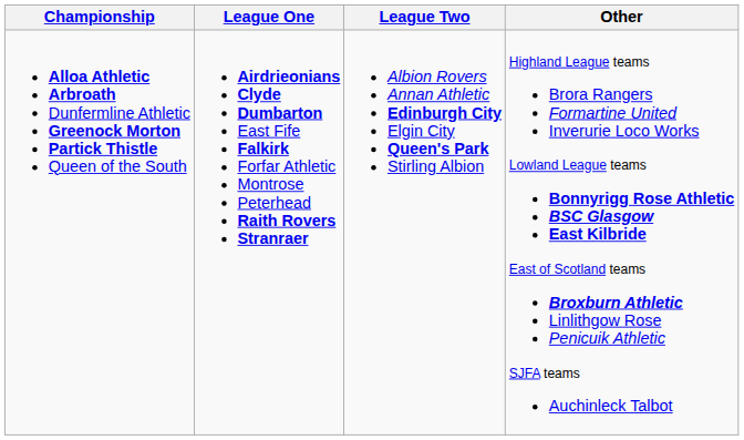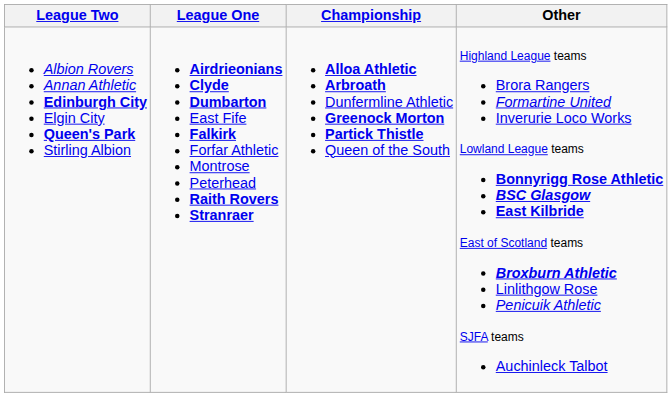 <table class="wikitable" style="text-align:left">
 <tr>
+<th><a href='#'>League Two</a></th>
+<th><a href='#'>League One</a></th>
 <th><a href='#'>Championship</a></th>
-<th><a href='#'>League One</a></th>
-<th><a href='#'>League Two</a></th>
 <th>Other</th>
 </tr>
 <tr>
+<td valign=top><br><ul><li><em><a href='#'>Albion Rovers</a></em></li><li><em><a href='#'>Annan Athletic</a></em></li><li><strong><a href='#'>Edinburgh City</a></strong></li><li><a href='#'>Elgin City</a></li><li><strong><a href='#'>Queen's Park</a></strong></li><li><a href='#'>Stirling Albion</a></li></ul></td>
+<td valign=top><br><ul><li><strong><a href='#'>Airdrieonians</a></strong></li><li><strong><a href='#'>Clyde</a></strong></li><li><strong><a href='#'>Dumbarton</a></strong></li><li><a href='#'>East Fife</a></li><li><strong><a href='#'>Falkirk</a></strong></li><li><a href='#'>Forfar Athletic</a></li><li><a href='#'>Montrose</a></li><li><a href='#'>Peterhead</a></li><li><strong><a href='#'>Raith Rovers</a></strong></li><li><strong><a href='#'>Stranraer</a></strong></li></ul></td>
 <td valign=top><br><ul><li><strong><a href='#'>Alloa Athletic</a></strong></li><li><strong><a href='#'>Arbroath</a></strong></li><li><a href='#'>Dunfermline Athletic</a></li><li><strong><a href='#'>Greenock Morton</a></strong></li><li><strong><a href='#'>Partick Thistle</a></strong></li><li><a href='#'>Queen of the South</a></li></ul></td>
-<td valign=top><br><ul><li><strong><a href='#'>Airdrieonians</a></strong></li><li><strong><a href='#'>Clyde</a></strong></li><li><strong><a href='#'>Dumbarton</a></strong></li><li><a href='#'>East Fife</a></li><li><strong><a href='#'>Falkirk</a></strong></li><li><a href='#'>Forfar Athletic</a></li><li><a href='#'>Montrose</a></li><li><a href='#'>Peterhead</a></li><li><strong><a href='#'>Raith Rovers</a></strong></li><li><strong><a href='#'>Stranraer</a></strong></li></ul></td>
-<td valign=top><br><ul><li><em><a href='#'>Albion Rovers</a></em></li><li><em><a href='#'>Annan Athletic</a></em></li><li><strong><a href='#'>Edinburgh City</a></strong></li><li><a href='#'>Elgin City</a></li><li><strong><a href='#'>Queen's Park</a></strong></li><li><a href='#'>Stirling Albion</a></li></ul></td>
 <td valign=top><br><small><a href='#'>Highland League</a> teams</small><ul><li><a href='#'>Brora Rangers</a></li><li><em><a href='#'>Formartine United</a></em></li><li><a href='#'>Inverurie Loco Works</a></li></ul><small><a href='#'>Lowland League</a> teams</small><ul><li><strong><a href='#'>Bonnyrigg Rose Athletic</a></strong></li><li><strong><em><a href='#'>BSC Glasgow</a></em></strong></li><li><strong><a href='#'>East Kilbride</a></strong></li></ul><small><a href='#'>East of Scotland</a> teams</small><ul><li><strong><em><a href='#'>Broxburn Athletic</a></em></strong></li><li><a href='#'>Linlithgow Rose</a></li><li><em><a href='#'>Penicuik Athletic</a></em></li></ul><small><a href='#'>SJFA</a> teams</small><ul><li><a href='#'>Auchinleck Talbot</a></li></ul></td>
 </tr>
 </table>
